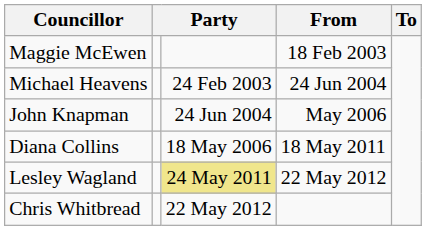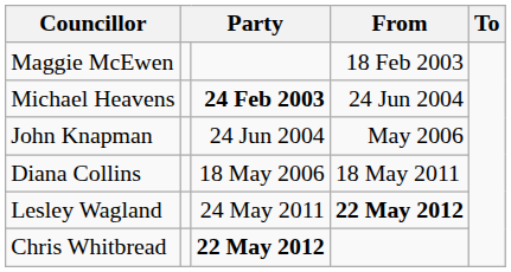 <table class=wikitable>
 <tr>
 <th>Councillor</th>
 <th colspan=2>Party</th>
 <th>From</th>
 <th>To</th>
 </tr>
 <tr>
 <td>Maggie McEwen</td>
 <td></td>
 <td align=right></td>
 <td align=right>18 Feb 2003</td>
 </tr>
 <tr>
 <td>Michael Heavens</td>
 <td></td>
-<td align=right>24 Feb 2003</td>
+<td align=right><strong>24 Feb 2003</strong></td>
 <td align=right>24 Jun 2004</td>
 </tr>
 <tr>
 <td>John Knapman</td>
 <td></td>
 <td align=right>24 Jun 2004</td>
 <td align=right>May 2006</td>
 </tr>
 <tr>
 <td>Diana Collins</td>
 <td></td>
 <td align=right>18 May 2006</td>
 <td>18 May 2011</td>
 </tr>
 <tr>
 <td>Lesley Wagland</td>
 <td></td>
-<td align=right style="background: khaki;">24 May 2011</td>
-<td>22 May 2012</td>
+<td align=right>24 May 2011</td>
+<td><strong>22 May 2012</strong></td>
 </tr>
 <tr>
 <td>Chris Whitbread</td>
 <td></td>
-<td align=right>22 May 2012</td>
+<td align=right><strong>22 May 2012</strong></td>
 <td></td>
 </tr>
 </table>
